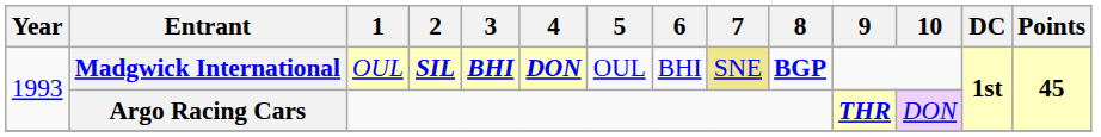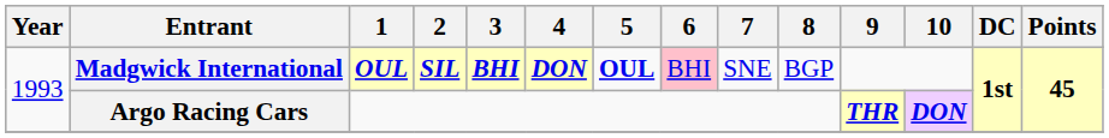 <table class="wikitable" style="text-align:center; font-size:85%">
 <tr>
 <th>Year</th>
 <th>Entrant</th>
 <th>1</th>
 <th>2</th>
 <th>3</th>
 <th>4</th>
 <th>5</th>
 <th>6</th>
 <th>7</th>
 <th>8</th>
 <th>9</th>
 <th>10</th>
 <th>DC</th>
 <th>Points</th>
 </tr>
 <tr>
 <td rowspan=2><a href='#'>1993</a></td>
 <th nowrap><a href='#'>Madgwick International</a></th>
-<td style="background:#FFFFBF;"><em><a href='#'>OUL</a></em><br></td>
+<td style="background:#FFFFBF;"><strong><em><a href='#'>OUL</a></em><br></strong></td>
 <td style="background:#FFFFBF;"><strong><em><a href='#'>SIL</a></em></strong><br></td>
 <td style="background:#FFFFBF;"><strong><em><a href='#'>BHI</a></em></strong><br></td>
 <td style="background:#FFFFBF;"><strong><em><a href='#'>DON</a></em></strong><br></td>
-<td><a href='#'>OUL</a></td>
-<td><a href='#'>BHI</a></td>
-<td style="background: khaki;"><a href='#'>SNE</a></td>
-<td><strong><a href='#'>BGP</a></strong></td>
+<td><strong><a href='#'>OUL</a></strong></td>
+<td style="background: pink;"><a href='#'>BHI</a></td>
+<td><a href='#'>SNE</a></td>
+<td><a href='#'>BGP</a></td>
 <td colspan=2></td>
 <th rowspan=2 style="background:#FFFFBF;">1st</th>
 <th rowspan=2 style="background:#FFFFBF;">45</th>
 </tr>
 <tr>
 <th nowrap>Argo Racing Cars</th>
 <td colspan=8></td>
 <td style="background:#FFFFBF;"><strong><em><a href='#'>THR</a></em></strong><br></td>
-<td style="background:#EFCFFF;"><em><a href='#'>DON</a></em><br></td>
+<td style="background:#EFCFFF;"><strong><em><a href='#'>DON</a></em><br></strong></td>
 </tr>
 <tr>
 </tr>
 </table>
